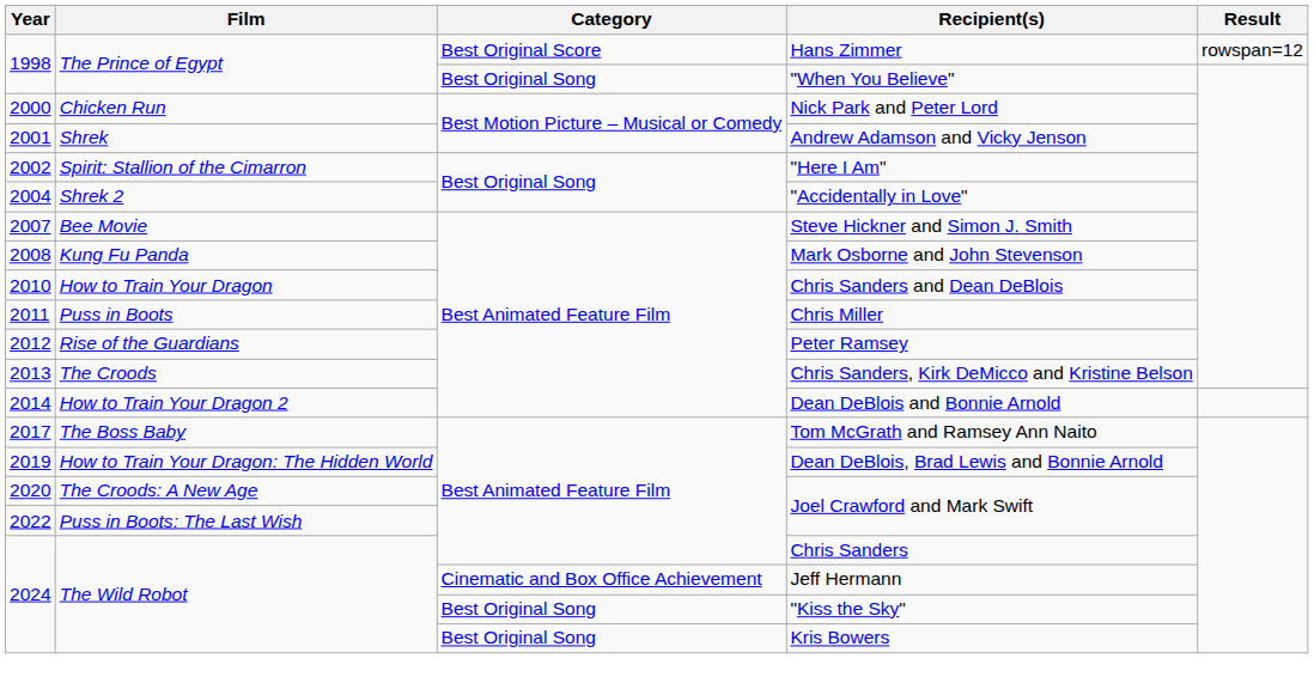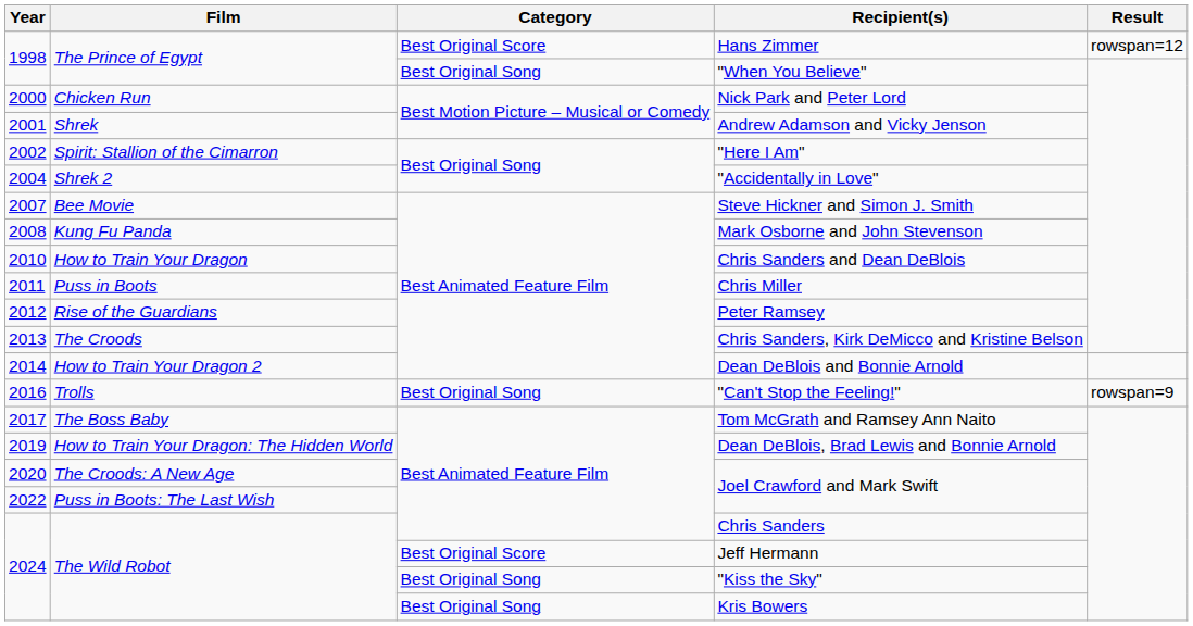 <table class="wikitable">
 <tr>
 <th>Year</th>
 <th>Film</th>
 <th>Category</th>
 <th>Recipient(s)</th>
 <th>Result</th>
 </tr>
 <tr>
 <td rowspan=2><a href='#'>1998</a></td>
 <td rowspan=2><em><a href='#'>The Prince of Egypt</a></em></td>
 <td><a href='#'>Best Original Score</a></td>
 <td><a href='#'>Hans Zimmer</a></td>
 <td>rowspan=12 </td>
 </tr>
 <tr>
 <td><a href='#'>Best Original Song</a></td>
 <td>"<a href='#'>When You Believe</a>"</td>
 </tr>
 <tr>
 <td><a href='#'>2000</a></td>
 <td><em><a href='#'>Chicken Run</a></em></td>
 <td rowspan=2><a href='#'>Best Motion Picture – Musical or Comedy</a></td>
 <td><a href='#'>Nick Park</a> and <a href='#'>Peter Lord</a></td>
 </tr>
 <tr>
 <td><a href='#'>2001</a></td>
 <td><em><a href='#'>Shrek</a></em></td>
 <td><a href='#'>Andrew Adamson</a> and <a href='#'>Vicky Jenson</a></td>
 </tr>
 <tr>
 <td><a href='#'>2002</a></td>
 <td><em><a href='#'>Spirit: Stallion of the Cimarron</a></em></td>
 <td rowspan=2><a href='#'>Best Original Song</a></td>
 <td>"<a href='#'>Here I Am</a>"</td>
 </tr>
 <tr>
 <td><a href='#'>2004</a></td>
 <td><em><a href='#'>Shrek 2</a></em></td>
 <td>"<a href='#'>Accidentally in Love</a>"</td>
 </tr>
 <tr>
 <td><a href='#'>2007</a></td>
 <td><em><a href='#'>Bee Movie</a></em></td>
 <td rowspan=7><a href='#'>Best Animated Feature Film</a></td>
 <td><a href='#'>Steve Hickner</a> and <a href='#'>Simon J. Smith</a></td>
 </tr>
 <tr>
 <td><a href='#'>2008</a></td>
 <td><em><a href='#'>Kung Fu Panda</a></em></td>
 <td><a href='#'>Mark Osborne</a> and <a href='#'>John Stevenson</a></td>
 </tr>
 <tr>
 <td><a href='#'>2010</a></td>
 <td><em><a href='#'>How to Train Your Dragon</a></em></td>
 <td><a href='#'>Chris Sanders</a> and <a href='#'>Dean DeBlois</a></td>
 </tr>
 <tr>
 <td><a href='#'>2011</a></td>
 <td><em><a href='#'>Puss in Boots</a></em></td>
 <td><a href='#'>Chris Miller</a></td>
 </tr>
 <tr>
 <td><a href='#'>2012</a></td>
 <td><em><a href='#'>Rise of the Guardians</a></em></td>
 <td><a href='#'>Peter Ramsey</a></td>
 </tr>
 <tr>
 <td><a href='#'>2013</a></td>
 <td><em><a href='#'>The Croods</a></em></td>
 <td><a href='#'>Chris Sanders</a>, <a href='#'>Kirk DeMicco</a> and <a href='#'>Kristine Belson</a></td>
 </tr>
 <tr>
 <td><a href='#'>2014</a></td>
 <td><em><a href='#'>How to Train Your Dragon 2</a></em></td>
 <td><a href='#'>Dean DeBlois</a> and <a href='#'>Bonnie Arnold</a></td>
 <td></td>
 </tr>
 <tr>
+<td><a href='#'>2016</a></td>
+<td><em><a href='#'>Trolls</a></em></td>
+<td><a href='#'>Best Original Song</a></td>
+<td>"<a href='#'>Can't Stop the Feeling!</a>"</td>
+<td>rowspan=9 </td>
+</tr>
+<tr>
 <td><a href='#'>2017</a></td>
 <td><em><a href='#'>The Boss Baby</a></em></td>
 <td rowspan=5><a href='#'>Best Animated Feature Film</a></td>
 <td><a href='#'>Tom McGrath</a> and Ramsey Ann Naito</td>
 </tr>
 <tr>
 <td><a href='#'>2019</a></td>
 <td><em><a href='#'>How to Train Your Dragon: The Hidden World</a></em></td>
 <td><a href='#'>Dean DeBlois</a>, <a href='#'>Brad Lewis</a> and <a href='#'>Bonnie Arnold</a></td>
 </tr>
 <tr>
 <td><a href='#'>2020</a></td>
 <td><em><a href='#'>The Croods: A New Age</a></em></td>
 <td rowspan=2><a href='#'>Joel Crawford</a> and Mark Swift</td>
 </tr>
 <tr>
 <td><a href='#'>2022</a></td>
 <td><em><a href='#'>Puss in Boots: The Last Wish</a></em></td>
 </tr>
 <tr>
 <td rowspan=4><a href='#'>2024</a></td>
 <td rowspan=4><em><a href='#'>The Wild Robot</a></em></td>
 <td><a href='#'>Chris Sanders</a></td>
 </tr>
 <tr>
-<td><a href='#'>Cinematic and Box Office Achievement</a></td>
+<td><a href='#'>Best Original Score</a></td>
 <td>Jeff Hermann</td>
 </tr>
 <tr>
 <td><a href='#'>Best Original Song</a></td>
 <td>"<a href='#'>Kiss the Sky</a>"</td>
 </tr>
 <tr>
 <td><a href='#'>Best Original Song</a></td>
 <td><a href='#'>Kris Bowers</a></td>
 </tr>
 </table>
